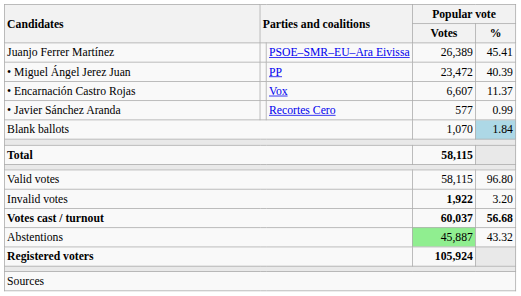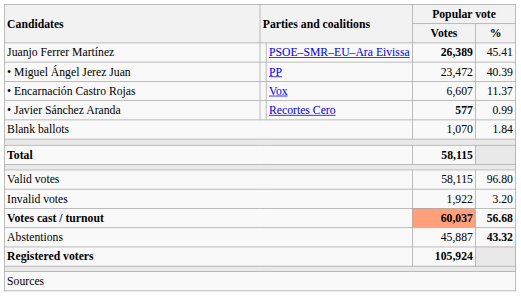 <table class="wikitable" style="text-align:right; font-size:95%;">
 <tr>
 <th style="text-align:left;" rowspan="2" width="325">Candidates</th>
 <th style="text-align:left;" rowspan="2" colspan="2" width="175">Parties and coalitions</th>
 <th colspan="2">Popular vote</th>
 </tr>
 <tr>
 <th width="75">Votes</th>
 <th width="45">%</th>
 </tr>
 <tr>
 <td align="left"> Juanjo Ferrer Martínez</td>
 <td width="1" style="color:inherit;background:"></td>
 <td align="left"><a href='#'>PSOE–SMR–EU–Ara Eivissa</a></td>
-<td>26,389</td>
+<td><strong>26,389</strong></td>
 <td>45.41</td>
 </tr>
 <tr>
 <td align="left">• Miguel Ángel Jerez Juan</td>
 <td width="1" style="color:inherit;background:"></td>
 <td align="left"><a href='#'>PP</a></td>
 <td>23,472</td>
 <td>40.39</td>
 </tr>
 <tr>
 <td align="left">• Encarnación Castro Rojas</td>
 <td width="1" style="color:inherit;background:"></td>
 <td align="left"><a href='#'>Vox</a></td>
 <td>6,607</td>
 <td>11.37</td>
 </tr>
 <tr>
 <td align="left">• Javier Sánchez Aranda</td>
 <td width="1" style="color:inherit;background:"></td>
 <td align="left"><a href='#'>Recortes Cero</a></td>
-<td>577</td>
+<td><strong>577</strong></td>
 <td>0.99</td>
 </tr>
 <tr>
 <td align="left" colspan="3">Blank ballots</td>
 <td>1,070</td>
-<td style="background: lightblue;">1.84</td>
+<td>1.84</td>
 </tr>
 <tr>
 <td colspan="5" bgcolor="#E9E9E9"></td>
 </tr>
 <tr style="font-weight:bold;">
 <td align="left" colspan="3">Total</td>
 <td>58,115</td>
 <td bgcolor="#E9E9E9"></td>
 </tr>
 <tr>
 <td colspan="5" bgcolor="#E9E9E9"></td>
 </tr>
 <tr>
 <td align="left" colspan="3">Valid votes</td>
 <td>58,115</td>
 <td>96.80</td>
 </tr>
 <tr>
 <td align="left" colspan="3">Invalid votes</td>
-<td><strong>1,922</strong></td>
+<td>1,922</td>
 <td>3.20</td>
 </tr>
 <tr style="font-weight:bold;">
 <td align="left" colspan="3">Votes cast / turnout</td>
-<td>60,037</td>
+<td style="background: lightsalmon;">60,037</td>
 <td>56.68</td>
 </tr>
 <tr>
 <td align="left" colspan="3">Abstentions</td>
-<td style="background: lightgreen;">45,887</td>
-<td>43.32</td>
+<td>45,887</td>
+<td><strong>43.32</strong></td>
 </tr>
 <tr style="font-weight:bold;">
 <td align="left" colspan="3">Registered voters</td>
 <td>105,924</td>
 <td bgcolor="#E9E9E9"></td>
 </tr>
 <tr>
 <td colspan="5" bgcolor="#E9E9E9"></td>
 </tr>
 <tr>
 <td align="left" colspan="5">Sources</td>
 </tr>
 </table>
